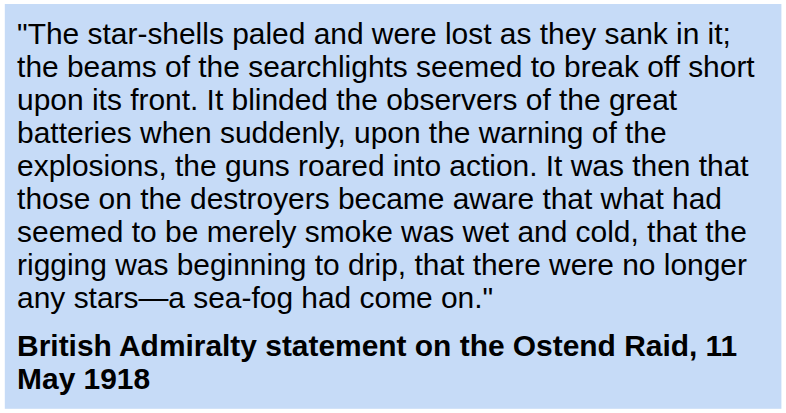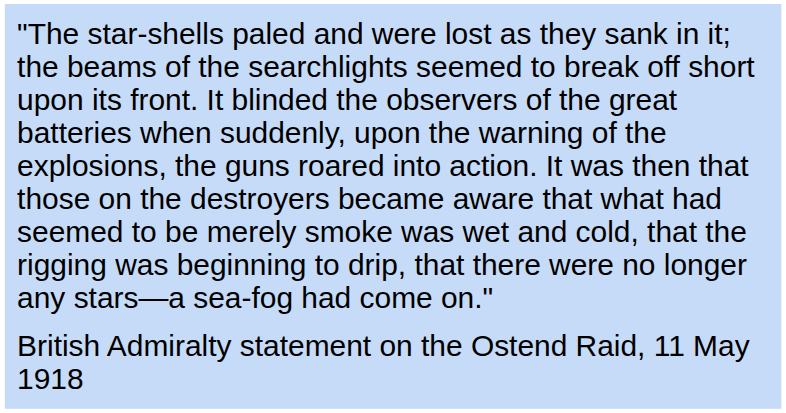 <table class="toccolours" style="float: left; margin-left: 1em; margin-right: 2em; font-size: 85%; background:#c6dbf7; color:black; width:30em; max-width: 40%;" cellspacing="5">
 <tr>
 <td style="text-align: left;">"The star-shells paled and were lost as they sank in it; the beams of the searchlights seemed to break off short upon its front. It blinded the observers of the great batteries when suddenly, upon the warning of the explosions, the guns roared into action. It was then that those on the destroyers became aware that what had seemed to be merely smoke was wet and cold, that the rigging was beginning to drip, that there were no longer any stars—a sea-fog had come on."</td>
 </tr>
 <tr>
-<td style="text-align: left;"><strong>British Admiralty statement on the Ostend Raid, 11 May 1918</strong></td>
+<td style="text-align: left;">British Admiralty statement on the Ostend Raid, 11 May 1918</td>
 </tr>
 </table>
